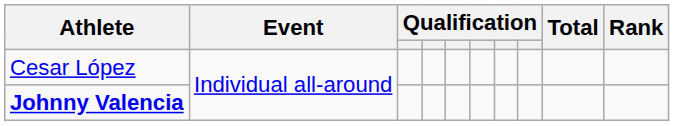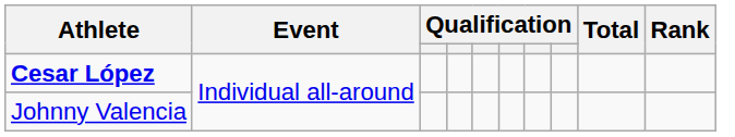 <table class="wikitable" style="font-size:90%">
 <tr>
 <th rowspan=2>Athlete</th>
 <th rowspan=2>Event</th>
 <th colspan=6>Qualification</th>
 <th rowspan=2>Total</th>
 <th rowspan=2>Rank</th>
 </tr>
 <tr style="font-size:95%">
 <th></th>
 <th></th>
 <th></th>
 <th></th>
 <th></th>
 <th></th>
 </tr>
 <tr align=center>
-<td align=left><a href='#'>Cesar López</a></td>
+<td align=left><strong><a href='#'>Cesar López</a></strong></td>
 <td align=left rowspan=2><a href='#'>Individual all-around</a></td>
 <td></td>
 <td></td>
 <td></td>
 <td></td>
 <td></td>
 <td></td>
 <td></td>
 <td></td>
 </tr>
 <tr align=center>
-<td align=left><strong><a href='#'>Johnny Valencia</a></strong></td>
+<td align=left><a href='#'>Johnny Valencia</a></td>
 <td></td>
 <td></td>
 <td></td>
 <td></td>
 <td></td>
 <td></td>
 <td></td>
 <td></td>
 </tr>
 </table>
